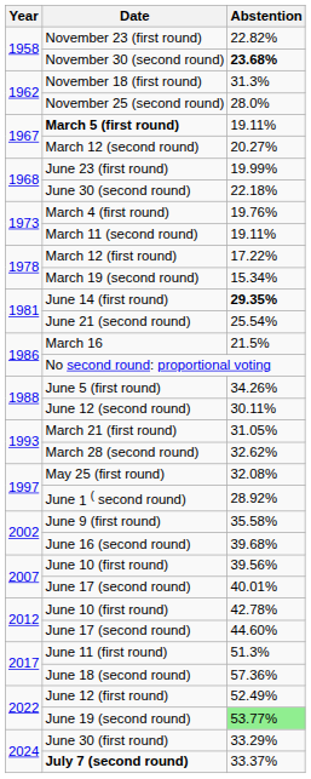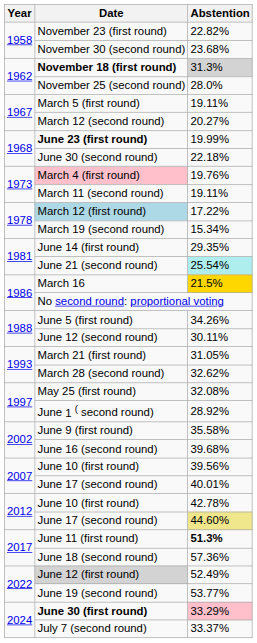 <table class="wikitable">
 <tr>
 <th>Year</th>
 <th>Date</th>
 <th>Abstention</th>
 </tr>
 <tr>
 <td rowspan="2"><a href='#'>1958</a></td>
 <td>November 23 (first round)</td>
 <td>22.82%</td>
 </tr>
 <tr>
 <td>November 30 (second round)</td>
-<td><strong>23.68%</strong></td>
+<td>23.68%</td>
 </tr>
 <tr>
 <td rowspan="2"><a href='#'>1962</a></td>
-<td>November 18 (first round)</td>
-<td>31.3%</td>
+<td><strong>November 18 (first round)</strong></td>
+<td style="background: lightgrey;">31.3%</td>
 </tr>
 <tr>
 <td>November 25 (second round)</td>
 <td>28.0%</td>
 </tr>
 <tr>
 <td rowspan="2"><a href='#'>1967</a></td>
-<td><strong>March 5 (first round)</strong></td>
+<td>March 5 (first round)</td>
 <td>19.11%</td>
 </tr>
 <tr>
 <td>March 12 (second round)</td>
 <td>20.27%</td>
 </tr>
 <tr>
 <td rowspan="2"><a href='#'>1968</a></td>
-<td>June 23 (first round)</td>
+<td><strong>June 23 (first round)</strong></td>
 <td>19.99%</td>
 </tr>
 <tr>
 <td>June 30 (second round)</td>
 <td>22.18%</td>
 </tr>
 <tr>
 <td rowspan="2"><a href='#'>1973</a></td>
-<td>March 4 (first round)</td>
+<td style="background: pink;">March 4 (first round)</td>
 <td>19.76%</td>
 </tr>
 <tr>
 <td>March 11 (second round)</td>
 <td>19.11%</td>
 </tr>
 <tr>
 <td rowspan="2"><a href='#'>1978</a></td>
-<td>March 12 (first round)</td>
+<td style="background: lightblue;">March 12 (first round)</td>
 <td>17.22%</td>
 </tr>
 <tr>
 <td>March 19 (second round)</td>
 <td>15.34%</td>
 </tr>
 <tr>
 <td rowspan="2"><a href='#'>1981</a></td>
 <td>June 14 (first round)</td>
-<td><strong>29.35%</strong></td>
+<td>29.35%</td>
 </tr>
 <tr>
 <td>June 21 (second round)</td>
-<td>25.54%</td>
+<td style="background: paleturquoise;">25.54%</td>
 </tr>
 <tr>
 <td rowspan="2"><a href='#'>1986</a></td>
 <td>March 16</td>
-<td>21.5%</td>
+<td style="background: gold;">21.5%</td>
 </tr>
 <tr>
 <td colspan="2">No <a href='#'>second round</a>: <a href='#'>proportional voting</a></td>
 </tr>
 <tr>
 <td rowspan="2"><a href='#'>1988</a></td>
 <td>June 5 (first round)</td>
 <td>34.26%</td>
 </tr>
 <tr>
 <td>June 12 (second round)</td>
 <td>30.11%</td>
 </tr>
 <tr>
 <td rowspan="2"><a href='#'>1993</a></td>
 <td>March 21 (first round)</td>
 <td>31.05%</td>
 </tr>
 <tr>
 <td>March 28 (second round)</td>
 <td>32.62%</td>
 </tr>
 <tr>
 <td rowspan="2"><a href='#'>1997</a></td>
 <td>May 25 (first round)</td>
 <td>32.08%</td>
 </tr>
 <tr>
 <td>June <abbr>1 <sup>(</sup></abbr> second round)</td>
 <td>28.92%</td>
 </tr>
 <tr>
 <td rowspan="2"><a href='#'>2002</a></td>
 <td>June 9 (first round)</td>
 <td>35.58%</td>
 </tr>
 <tr>
 <td>June 16 (second round)</td>
 <td>39.68%</td>
 </tr>
 <tr>
 <td rowspan="2"><a href='#'>2007</a></td>
 <td>June 10 (first round)</td>
 <td>39.56%</td>
 </tr>
 <tr>
 <td>June 17 (second round)</td>
 <td>40.01%</td>
 </tr>
 <tr>
 <td rowspan="2"><a href='#'>2012</a></td>
 <td>June 10 (first round)</td>
 <td>42.78%</td>
 </tr>
 <tr>
 <td>June 17 (second round)</td>
-<td>44.60%</td>
+<td style="background: khaki;">44.60%</td>
 </tr>
 <tr>
 <td rowspan="2"><a href='#'>2017</a></td>
 <td>June 11 (first round)</td>
-<td>51.3%</td>
+<td><strong>51.3%</strong></td>
 </tr>
 <tr>
 <td>June 18 (second round)</td>
 <td>57.36%</td>
 </tr>
 <tr>
 <td rowspan="2"><a href='#'>2022</a></td>
-<td>June 12 (first round)</td>
+<td style="background: lightgrey;">June 12 (first round)</td>
 <td>52.49%</td>
 </tr>
 <tr>
 <td>June 19 (second round)</td>
-<td style="background: lightgreen;">53.77%</td>
+<td>53.77%</td>
 </tr>
 <tr>
 <td rowspan="2"><a href='#'>2024</a></td>
-<td>June 30 (first round)</td>
-<td>33.29%</td>
+<td><strong>June 30 (first round)</strong></td>
+<td style="background: pink;">33.29%</td>
 </tr>
 <tr>
-<td><strong>July 7 (second round)</strong></td>
+<td>July 7 (second round)</td>
 <td>33.37%</td>
 </tr>
 </table>
